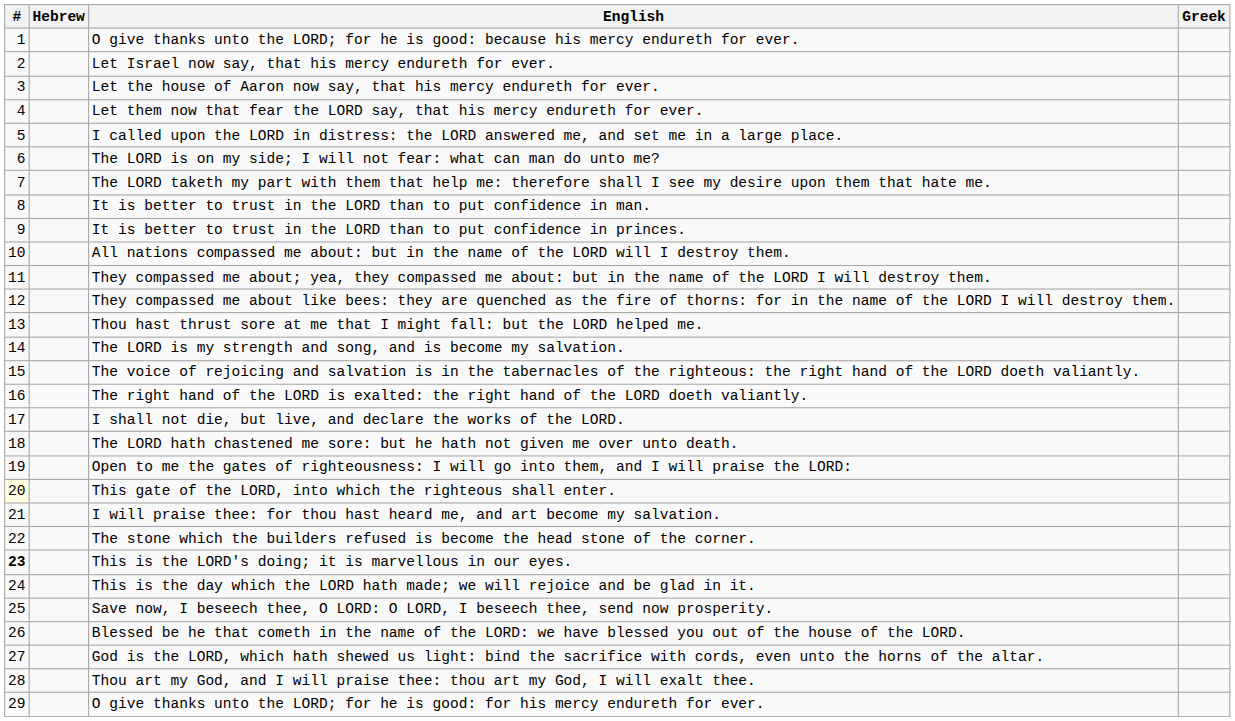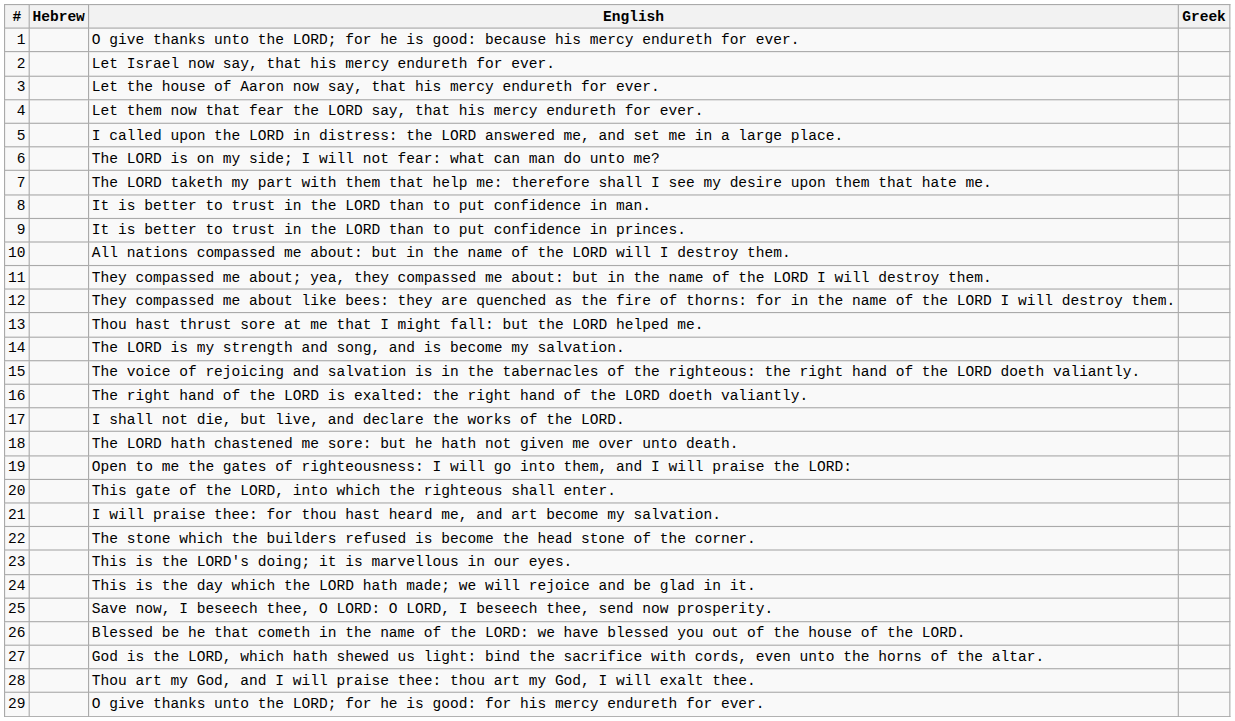 <table class=wikitable>
 <tr>
 <th>#</th>
 <th>Hebrew</th>
 <th>English</th>
 <th>Greek</th>
 </tr>
 <tr>
 <td style="text-align:right">1</td>
 <td style="text-align:right"></td>
 <td>O give thanks unto the LORD; for he is good: because his mercy endureth for ever.</td>
 <td></td>
 </tr>
 <tr>
 <td style="text-align:right">2</td>
 <td style="text-align:right"></td>
 <td>Let Israel now say, that his mercy endureth for ever.</td>
 <td></td>
 </tr>
 <tr>
 <td style="text-align:right">3</td>
 <td style="text-align:right"></td>
 <td>Let the house of Aaron now say, that his mercy endureth for ever.</td>
 <td></td>
 </tr>
 <tr>
 <td style="text-align:right">4</td>
 <td style="text-align:right"></td>
 <td>Let them now that fear the LORD say, that his mercy endureth for ever.</td>
 <td></td>
 </tr>
 <tr>
 <td style="text-align:right">5</td>
 <td style="text-align:right"></td>
 <td>I called upon the LORD in distress: the LORD answered me, and set me in a large place.</td>
 <td></td>
 </tr>
 <tr>
 <td style="text-align:right">6</td>
 <td style="text-align:right"></td>
 <td>The LORD is on my side; I will not fear: what can man do unto me?</td>
 <td></td>
 </tr>
 <tr>
 <td style="text-align:right">7</td>
 <td style="text-align:right"></td>
 <td>The LORD taketh my part with them that help me: therefore shall I see my desire upon them that hate me.</td>
 <td></td>
 </tr>
 <tr>
 <td style="text-align:right">8</td>
 <td style="text-align:right"></td>
 <td>It is better to trust in the LORD than to put confidence in man.</td>
 <td></td>
 </tr>
 <tr>
 <td style="text-align:right">9</td>
 <td style="text-align:right"></td>
 <td>It is better to trust in the LORD than to put confidence in princes.</td>
 <td></td>
 </tr>
 <tr>
 <td style="text-align:right">10</td>
 <td style="text-align:right"></td>
 <td>All nations compassed me about: but in the name of the LORD will I destroy them.</td>
 <td></td>
 </tr>
 <tr>
 <td style="text-align:right">11</td>
 <td style="text-align:right"></td>
 <td>They compassed me about; yea, they compassed me about: but in the name of the LORD I will destroy them.</td>
 <td></td>
 </tr>
 <tr>
 <td style="text-align:right">12</td>
 <td style="text-align:right"></td>
 <td>They compassed me about like bees: they are quenched as the fire of thorns: for in the name of the LORD I will destroy them.</td>
 <td></td>
 </tr>
 <tr>
 <td style="text-align:right">13</td>
 <td style="text-align:right"></td>
 <td>Thou hast thrust sore at me that I might fall: but the LORD helped me.</td>
 <td></td>
 </tr>
 <tr>
 <td style="text-align:right">14</td>
 <td style="text-align:right"></td>
 <td>The LORD is my strength and song, and is become my salvation.</td>
 <td></td>
 </tr>
 <tr>
 <td style="text-align:right">15</td>
 <td style="text-align:right"></td>
 <td>The voice of rejoicing and salvation is in the tabernacles of the righteous: the right hand of the LORD doeth valiantly.</td>
 <td></td>
 </tr>
 <tr>
 <td style="text-align:right">16</td>
 <td style="text-align:right"></td>
 <td>The right hand of the LORD is exalted: the right hand of the LORD doeth valiantly.</td>
 <td></td>
 </tr>
 <tr>
 <td style="text-align:right">17</td>
 <td style="text-align:right"></td>
 <td>I shall not die, but live, and declare the works of the LORD.</td>
 <td></td>
 </tr>
 <tr>
 <td style="text-align:right">18</td>
 <td style="text-align:right"></td>
 <td>The LORD hath chastened me sore: but he hath not given me over unto death.</td>
 <td></td>
 </tr>
 <tr>
 <td style="text-align:right">19</td>
 <td style="text-align:right"></td>
 <td>Open to me the gates of righteousness: I will go into them, and I will praise the LORD:</td>
 <td></td>
 </tr>
 <tr>
-<td style="background: lightyellow; text-align:right">20</td>
+<td style="text-align:right">20</td>
 <td style="text-align:right"></td>
 <td>This gate of the LORD, into which the righteous shall enter.</td>
 <td></td>
 </tr>
 <tr>
 <td style="text-align:right">21</td>
 <td style="text-align:right"></td>
 <td>I will praise thee: for thou hast heard me, and art become my salvation.</td>
 <td></td>
 </tr>
 <tr>
 <td style="text-align:right">22</td>
 <td style="text-align:right"></td>
 <td>The stone which the builders refused is become the head stone of the corner.</td>
 <td></td>
 </tr>
 <tr>
-<td style="text-align:right"><strong>23</strong></td>
+<td style="text-align:right">23</td>
 <td style="text-align:right"></td>
 <td>This is the LORD's doing; it is marvellous in our eyes.</td>
 <td></td>
 </tr>
 <tr>
 <td style="text-align:right">24</td>
 <td style="text-align:right"></td>
 <td>This is the day which the LORD hath made; we will rejoice and be glad in it.</td>
 <td></td>
 </tr>
 <tr>
 <td style="text-align:right">25</td>
 <td style="text-align:right"></td>
 <td>Save now, I beseech thee, O LORD: O LORD, I beseech thee, send now prosperity.</td>
 <td></td>
 </tr>
 <tr>
 <td style="text-align:right">26</td>
 <td style="text-align:right"></td>
 <td>Blessed be he that cometh in the name of the LORD: we have blessed you out of the house of the LORD.</td>
 <td></td>
 </tr>
 <tr>
 <td style="text-align:right">27</td>
 <td style="text-align:right"></td>
 <td>God is the LORD, which hath shewed us light: bind the sacrifice with cords, even unto the horns of the altar.</td>
 <td></td>
 </tr>
 <tr>
 <td style="text-align:right">28</td>
 <td style="text-align:right"></td>
 <td>Thou art my God, and I will praise thee: thou art my God, I will exalt thee.</td>
 <td></td>
 </tr>
 <tr>
 <td style="text-align:right">29</td>
 <td style="text-align:right"></td>
 <td>O give thanks unto the LORD; for he is good: for his mercy endureth for ever.</td>
 <td></td>
 </tr>
 <tr>
 </tr>
 </table>
